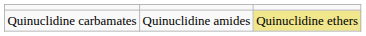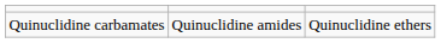 <table class="wikitable" border="1" align="center">
 <tr>
 <td></td>
 <td></td>
 <td></td>
 </tr>
 <tr>
 <td>Quinuclidine carbamates</td>
 <td>Quinuclidine amides</td>
-<td style="background: khaki;">Quinuclidine ethers</td>
+<td>Quinuclidine ethers</td>
 </tr>
 </table>
